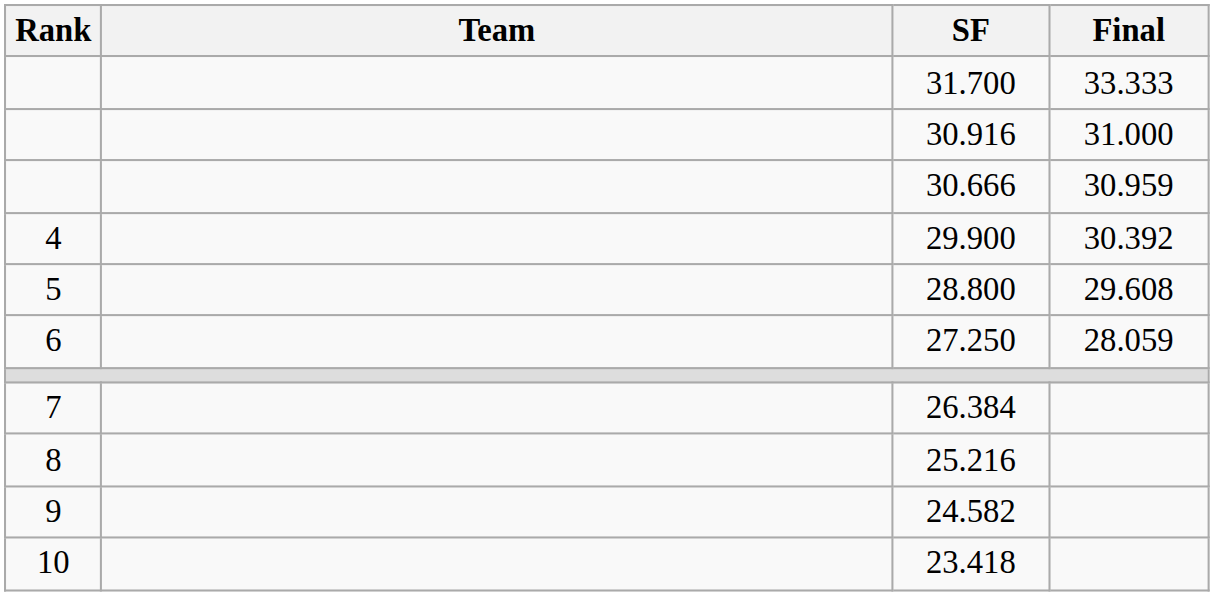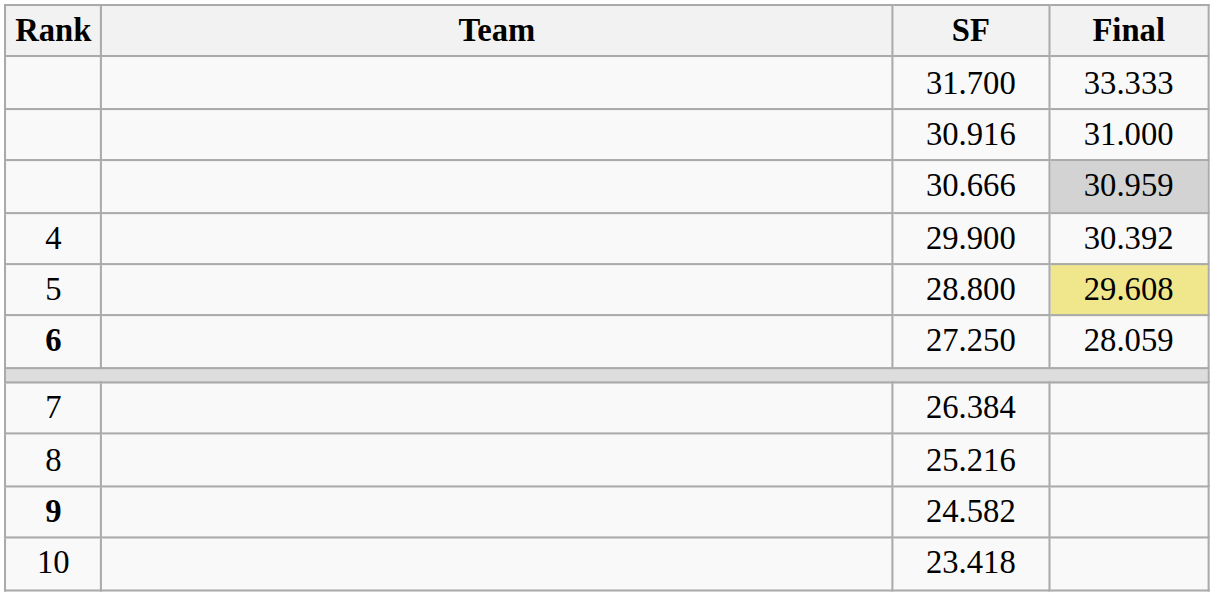 <table class=wikitable style="text-align:center">
 <tr>
 <th width=40>Rank</th>
 <th width=380>Team</th>
 <th width=70>SF</th>
 <th width=70>Final</th>
 </tr>
 <tr>
 <td></td>
 <td align=left></td>
 <td>31.700</td>
 <td>33.333</td>
 </tr>
 <tr>
 <td></td>
 <td align=left></td>
 <td>30.916</td>
 <td>31.000</td>
 </tr>
 <tr>
 <td></td>
 <td align=left></td>
 <td>30.666</td>
-<td>30.959</td>
+<td style="background: lightgrey;">30.959</td>
 </tr>
 <tr>
 <td>4</td>
 <td align=left></td>
 <td>29.900</td>
 <td>30.392</td>
 </tr>
 <tr>
 <td>5</td>
 <td align=left></td>
 <td>28.800</td>
-<td>29.608</td>
+<td style="background: khaki;">29.608</td>
 </tr>
 <tr>
-<td>6</td>
+<td><strong>6</strong></td>
 <td align=left></td>
 <td>27.250</td>
 <td>28.059</td>
 </tr>
 <tr bgcolor=#DDDDDD>
 <td colspan=4></td>
 </tr>
 <tr>
 <td>7</td>
 <td align=left></td>
 <td>26.384</td>
 <td></td>
 </tr>
 <tr>
 <td>8</td>
 <td align=left></td>
 <td>25.216</td>
 <td></td>
 </tr>
 <tr>
-<td>9</td>
+<td><strong>9</strong></td>
 <td align=left></td>
 <td>24.582</td>
 <td></td>
 </tr>
 <tr>
 <td>10</td>
 <td align=left></td>
 <td>23.418</td>
 <td></td>
 </tr>
 </table>
